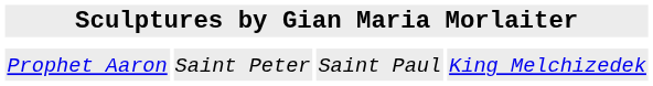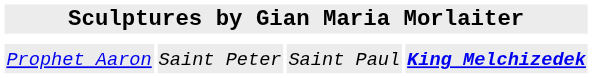 <table align=right>
 <tr>
 <th colspan="4" style="background:#ECECEC; ">Sculptures by Gian Maria Morlaiter</th>
 </tr>
 <tr>
 <td></td>
 <td></td>
 <td></td>
 <td></td>
 </tr>
 <tr>
 <td style="background:#ECECEC; text-align: center;"><small><em><a href='#'>Prophet Aaron</a></em></small><br></td>
 <td style="background:#ECECEC; text-align: center;"><small><em>Saint Peter</em></small><br></td>
 <td style="background:#ECECEC; text-align: center;"><small><em>Saint Paul</em></small><br></td>
-<td style="background:#ECECEC; text-align: center;"><small><em><a href='#'>King Melchizedek</a></em></small><br></td>
+<td style="background:#ECECEC; text-align: center;"><strong><small><em><a href='#'>King Melchizedek</a></em></small><br></strong></td>
 </tr>
 </table>
